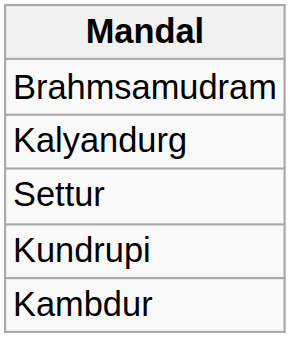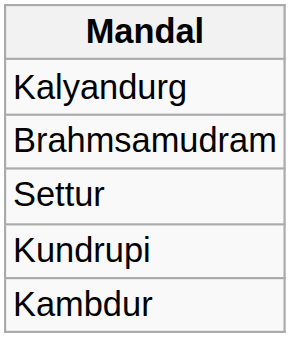 <table class="wikitable sortable static-row-numbers static-row-header-hash">
 <tr>
 <th>Mandal</th>
 </tr>
 <tr>
-<td>Brahmsamudram</td>
+<td>Kalyandurg</td>
 </tr>
 <tr>
-<td>Kalyandurg</td>
+<td>Brahmsamudram</td>
 </tr>
 <tr>
 <td>Settur</td>
 </tr>
 <tr>
 <td>Kundrupi</td>
 </tr>
 <tr>
 <td>Kambdur</td>
 </tr>
 </table>
